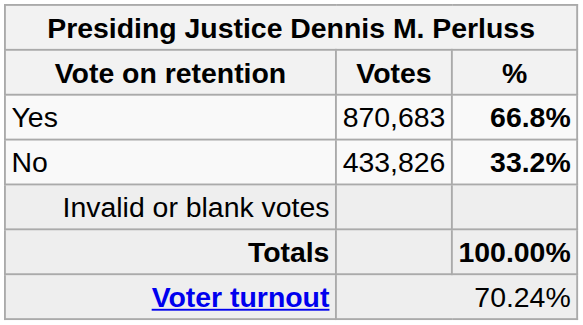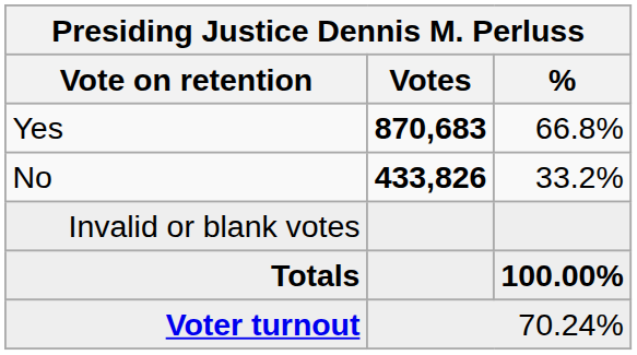 <table class="wikitable" style="font-size: 95%;">
 <tr style="background-color:#E9E9E9">
 <th colspan=7>Presiding Justice Dennis M. Perluss</th>
 </tr>
 <tr style="background-color:#E9E9E9">
 <th style="width: 170px">Vote on retention</th>
 <th style="width: 50px">Votes</th>
 <th style="width: 40px">%</th>
 </tr>
 <tr>
 <td>Yes</td>
-<td align="right">870,683</td>
-<td align="right"><strong>66.8%</strong></td>
+<td align="right"><strong>870,683</strong></td>
+<td align="right">66.8%</td>
 </tr>
 <tr>
 <td>No</td>
-<td align="right">433,826</td>
-<td align="right"><strong>33.2%</strong></td>
+<td align="right"><strong>433,826</strong></td>
+<td align="right">33.2%</td>
 </tr>
 <tr bgcolor="#EEEEEE">
 <td align="right">Invalid or blank votes</td>
 <td align="right"></td>
 <td align="right"></td>
 </tr>
 <tr bgcolor="#EEEEEE">
 <td align="right"><strong>Totals</strong></td>
 <td align="right"><strong></strong></td>
 <td align="right"><strong>100.00%</strong></td>
 </tr>
 <tr bgcolor="#EEEEEE">
 <td align="right"><strong><a href='#'>Voter turnout</a></strong></td>
 <td colspan="2" align="right">70.24%</td>
 </tr>
 </table>
